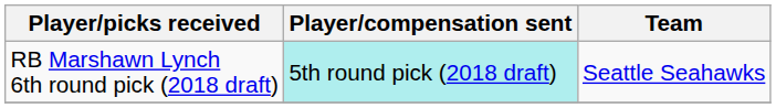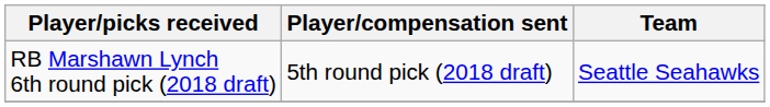 <table class="wikitable" style="font-size: 95%; text-align: left">
 <tr>
 <th>Player/picks received</th>
 <th>Player/compensation sent</th>
 <th>Team</th>
 </tr>
 <tr>
 <td>RB <a href='#'>Marshawn Lynch</a><br>6th round pick (<a href='#'>2018 draft</a>)</td>
-<td style="background: paleturquoise;">5th round pick (<a href='#'>2018 draft</a>)</td>
+<td>5th round pick (<a href='#'>2018 draft</a>)</td>
 <td><a href='#'>Seattle Seahawks</a></td>
 </tr>
 <tr>
 </tr>
 </table>
